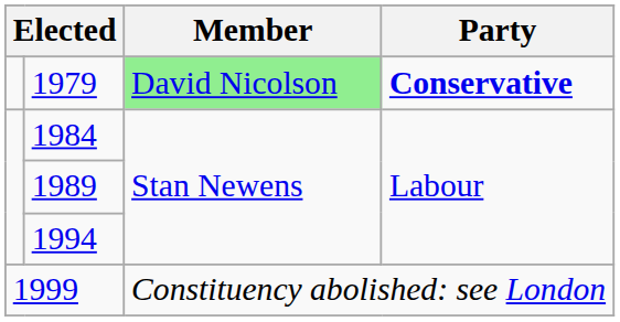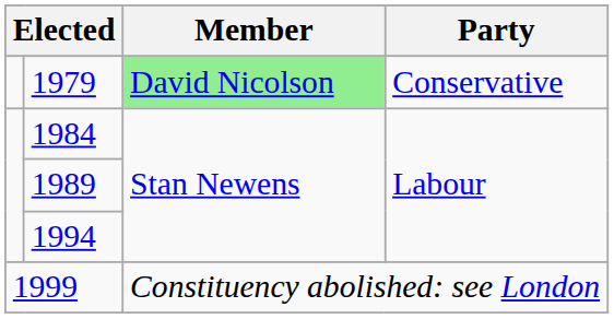 <table class="wikitable">
 <tr>
 <th colspan = "2">Elected</th>
 <th>Member</th>
 <th>Party</th>
 </tr>
 <tr>
 <td style="background-color: "></td>
 <td><a href='#'>1979</a></td>
 <td style="background: lightgreen;"><a href='#'>David Nicolson</a></td>
-<td><strong><a href='#'>Conservative</a></strong></td>
+<td><a href='#'>Conservative</a></td>
 </tr>
 <tr>
 <td rowspan="3" style="background-color: "></td>
 <td><a href='#'>1984</a></td>
 <td rowspan = "3"><a href='#'>Stan Newens</a></td>
 <td rowspan = "3"><a href='#'>Labour</a></td>
 </tr>
 <tr>
 <td><a href='#'>1989</a></td>
 </tr>
 <tr>
 <td><a href='#'>1994</a></td>
 </tr>
 <tr>
 <td colspan="2"><a href='#'>1999</a></td>
 <td colspan="2"><em>Constituency abolished: see <a href='#'>London</a></em></td>
 </tr>
 </table>
